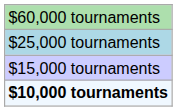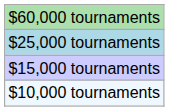 <table class="wikitable" style="font-size:85%;">
 <tr style="background:#addfad;">
 <td>$60,000 tournaments</td>
 </tr>
 <tr style="background:lightblue;">
 <td>$25,000 tournaments</td>
 </tr>
 <tr style="background:#ccccff;">
 <td>$15,000 tournaments</td>
 </tr>
 <tr style="background:#f0f8ff;">
-<td><strong>$10,000 tournaments</strong></td>
+<td>$10,000 tournaments</td>
 </tr>
 </table>
